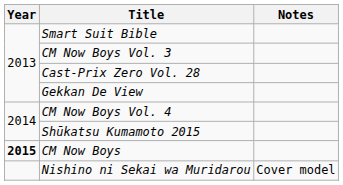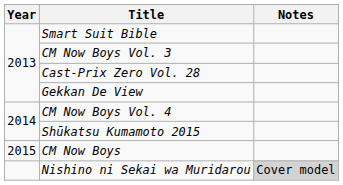 <table class="wikitable">
 <tr>
 <th>Year</th>
 <th>Title</th>
 <th>Notes</th>
 </tr>
 <tr>
 <td rowspan="4">2013</td>
 <td><em>Smart Suit Bible</em></td>
 <td></td>
 </tr>
 <tr>
 <td><em>CM Now Boys Vol. 3</em></td>
 <td></td>
 </tr>
 <tr>
 <td><em>Cast-Prix Zero Vol. 28</em></td>
 <td></td>
 </tr>
 <tr>
 <td><em>Gekkan De View</em></td>
 <td></td>
 </tr>
 <tr>
 <td rowspan="2">2014</td>
 <td><em>CM Now Boys Vol. 4</em></td>
 <td></td>
 </tr>
 <tr>
 <td><em>Shūkatsu Kumamoto 2015</em></td>
 <td></td>
 </tr>
 <tr>
-<td><strong>2015</strong></td>
+<td>2015</td>
 <td><em>CM Now Boys</em></td>
 <td></td>
 </tr>
 <tr>
 <td></td>
 <td><em>Nishino ni Sekai wa Muridarou</em></td>
-<td>Cover model</td>
+<td style="background: lightgrey;">Cover model</td>
 </tr>
 </table>
